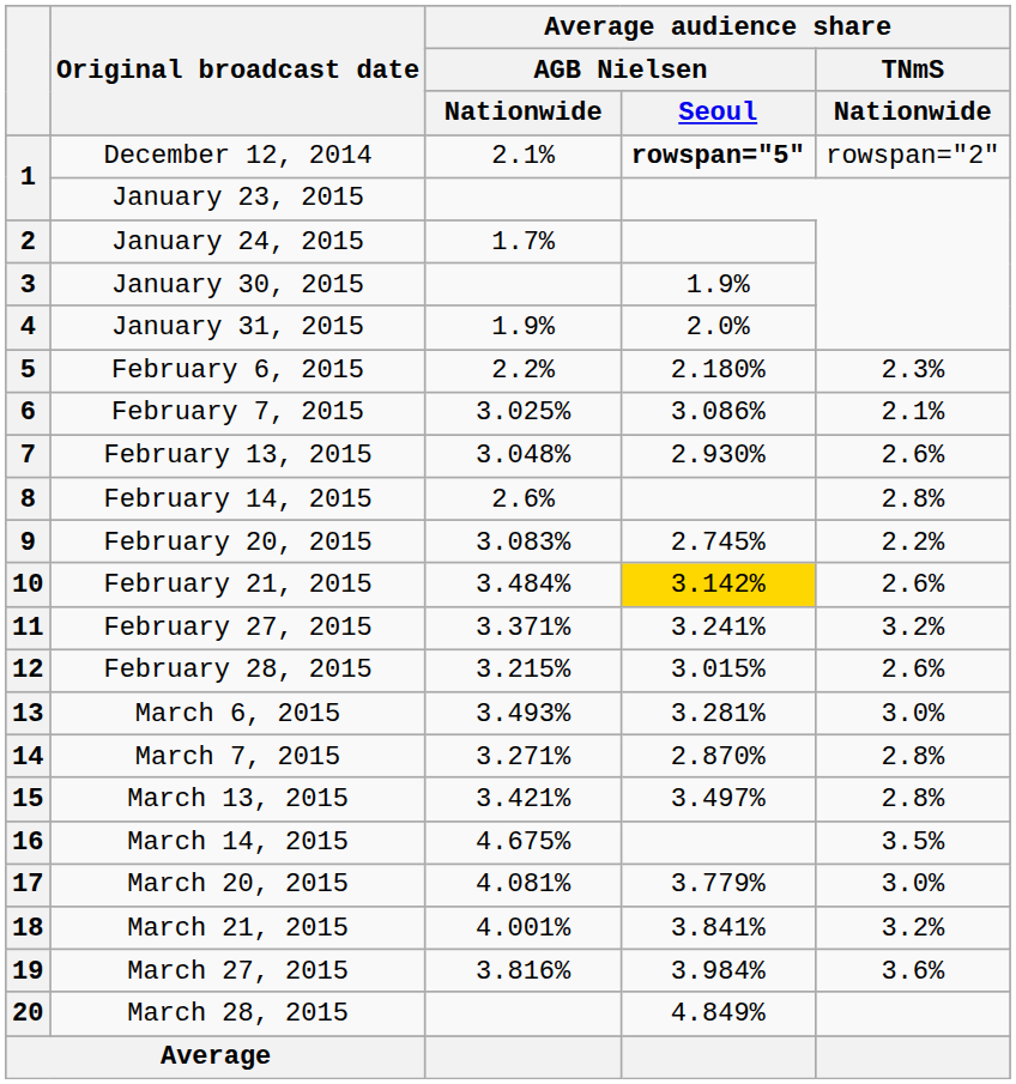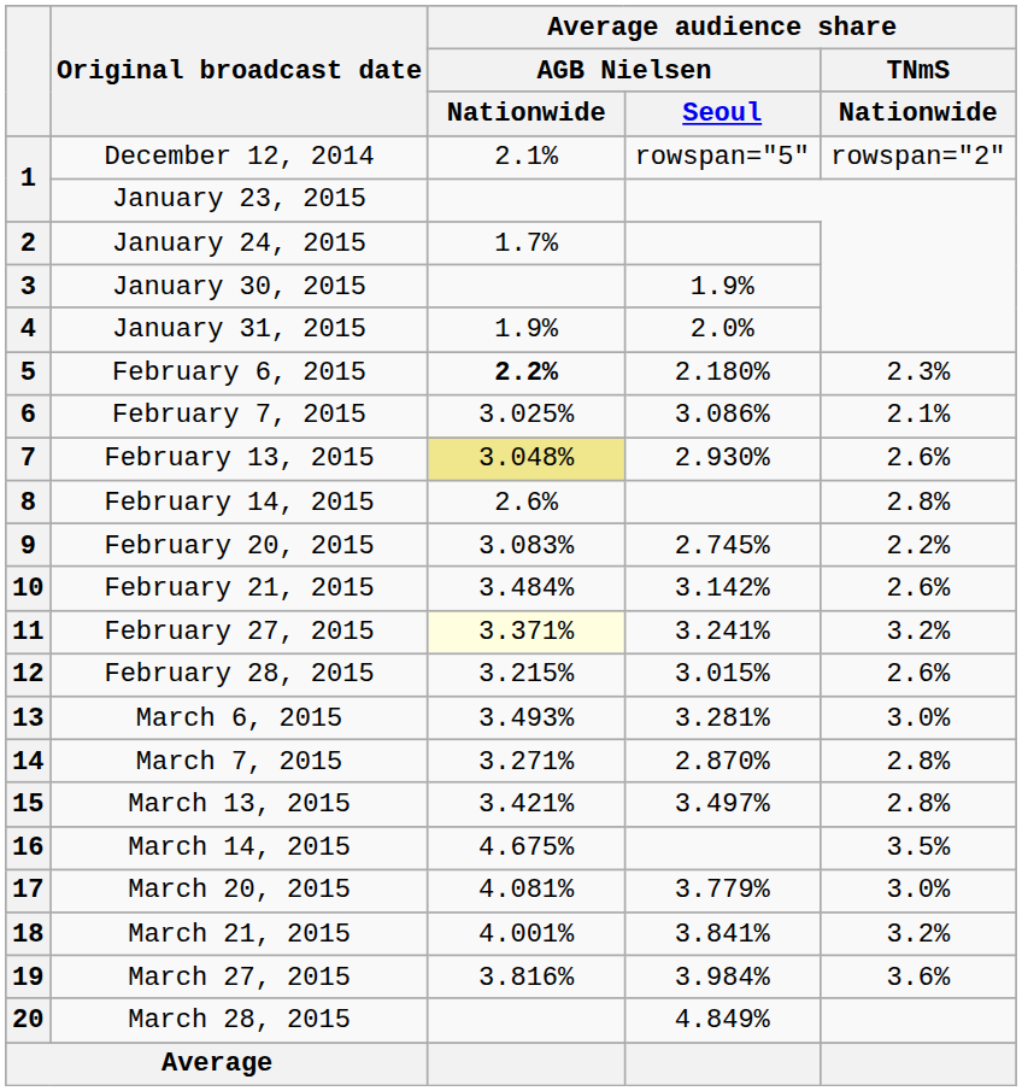 <table class="wikitable" style="text-align:center">
 <tr>
 <th rowspan="3"></th>
 <th rowspan="3">Original broadcast date</th>
 <th colspan="3">Average audience share</th>
 </tr>
 <tr>
 <th colspan="2">AGB Nielsen</th>
 <th>TNmS</th>
 </tr>
 <tr>
 <th width="90">Nationwide</th>
 <th width="90"><a href='#'>Seoul</a></th>
 <th width="90">Nationwide</th>
 </tr>
 <tr>
 <th rowspan="2">1</th>
 <td>December 12, 2014</td>
 <td>2.1%</td>
-<td><strong>rowspan="5" </strong></td>
+<td>rowspan="5" </td>
 <td>rowspan="2" </td>
 </tr>
 <tr>
 <td>January 23, 2015</td>
 <td></td>
 </tr>
 <tr>
 <th>2</th>
 <td>January 24, 2015</td>
 <td>1.7%</td>
 <td></td>
 </tr>
 <tr>
 <th>3</th>
 <td>January 30, 2015</td>
 <td></td>
 <td>1.9%</td>
 </tr>
 <tr>
 <th>4</th>
 <td>January 31, 2015</td>
 <td>1.9%</td>
 <td>2.0%</td>
 </tr>
 <tr>
 <th>5</th>
 <td>February 6, 2015</td>
-<td>2.2%</td>
+<td><strong>2.2%</strong></td>
 <td>2.180%</td>
 <td>2.3%</td>
 </tr>
 <tr>
 <th>6</th>
 <td>February 7, 2015</td>
 <td>3.025%</td>
 <td>3.086%</td>
 <td>2.1%</td>
 </tr>
 <tr>
 <th>7</th>
 <td>February 13, 2015</td>
-<td>3.048%</td>
+<td style="background: khaki;">3.048%</td>
 <td>2.930%</td>
 <td>2.6%</td>
 </tr>
 <tr>
 <th>8</th>
 <td>February 14, 2015</td>
 <td>2.6%</td>
 <td></td>
 <td>2.8%</td>
 </tr>
 <tr>
 <th>9</th>
 <td>February 20, 2015</td>
 <td>3.083%</td>
 <td>2.745%</td>
 <td>2.2%</td>
 </tr>
 <tr>
 <th>10</th>
 <td>February 21, 2015</td>
 <td>3.484%</td>
-<td style="background: gold;">3.142%</td>
+<td>3.142%</td>
 <td>2.6%</td>
 </tr>
 <tr>
 <th>11</th>
 <td>February 27, 2015</td>
-<td>3.371%</td>
+<td style="background: lightyellow;">3.371%</td>
 <td>3.241%</td>
 <td>3.2%</td>
 </tr>
 <tr>
 <th>12</th>
 <td>February 28, 2015</td>
 <td>3.215%</td>
 <td>3.015%</td>
 <td>2.6%</td>
 </tr>
 <tr>
 <th>13</th>
 <td>March 6, 2015</td>
 <td>3.493%</td>
 <td>3.281%</td>
 <td>3.0%</td>
 </tr>
 <tr>
 <th>14</th>
 <td>March 7, 2015</td>
 <td>3.271%</td>
 <td>2.870%</td>
 <td>2.8%</td>
 </tr>
 <tr>
 <th>15</th>
 <td>March 13, 2015</td>
 <td>3.421%</td>
 <td>3.497%</td>
 <td>2.8%</td>
 </tr>
 <tr>
 <th>16</th>
 <td>March 14, 2015</td>
 <td>4.675%</td>
 <td></td>
 <td>3.5%</td>
 </tr>
 <tr>
 <th>17</th>
 <td>March 20, 2015</td>
 <td>4.081%</td>
 <td>3.779%</td>
 <td>3.0%</td>
 </tr>
 <tr>
 <th>18</th>
 <td>March 21, 2015</td>
 <td>4.001%</td>
 <td>3.841%</td>
 <td>3.2%</td>
 </tr>
 <tr>
 <th>19</th>
 <td>March 27, 2015</td>
 <td>3.816%</td>
 <td>3.984%</td>
 <td>3.6%</td>
 </tr>
 <tr>
 <th>20</th>
 <td>March 28, 2015</td>
 <td></td>
 <td>4.849%</td>
 <td></td>
 </tr>
 <tr>
 <th colspan="2">Average</th>
 <th></th>
 <th></th>
 <th></th>
 </tr>
 </table>
